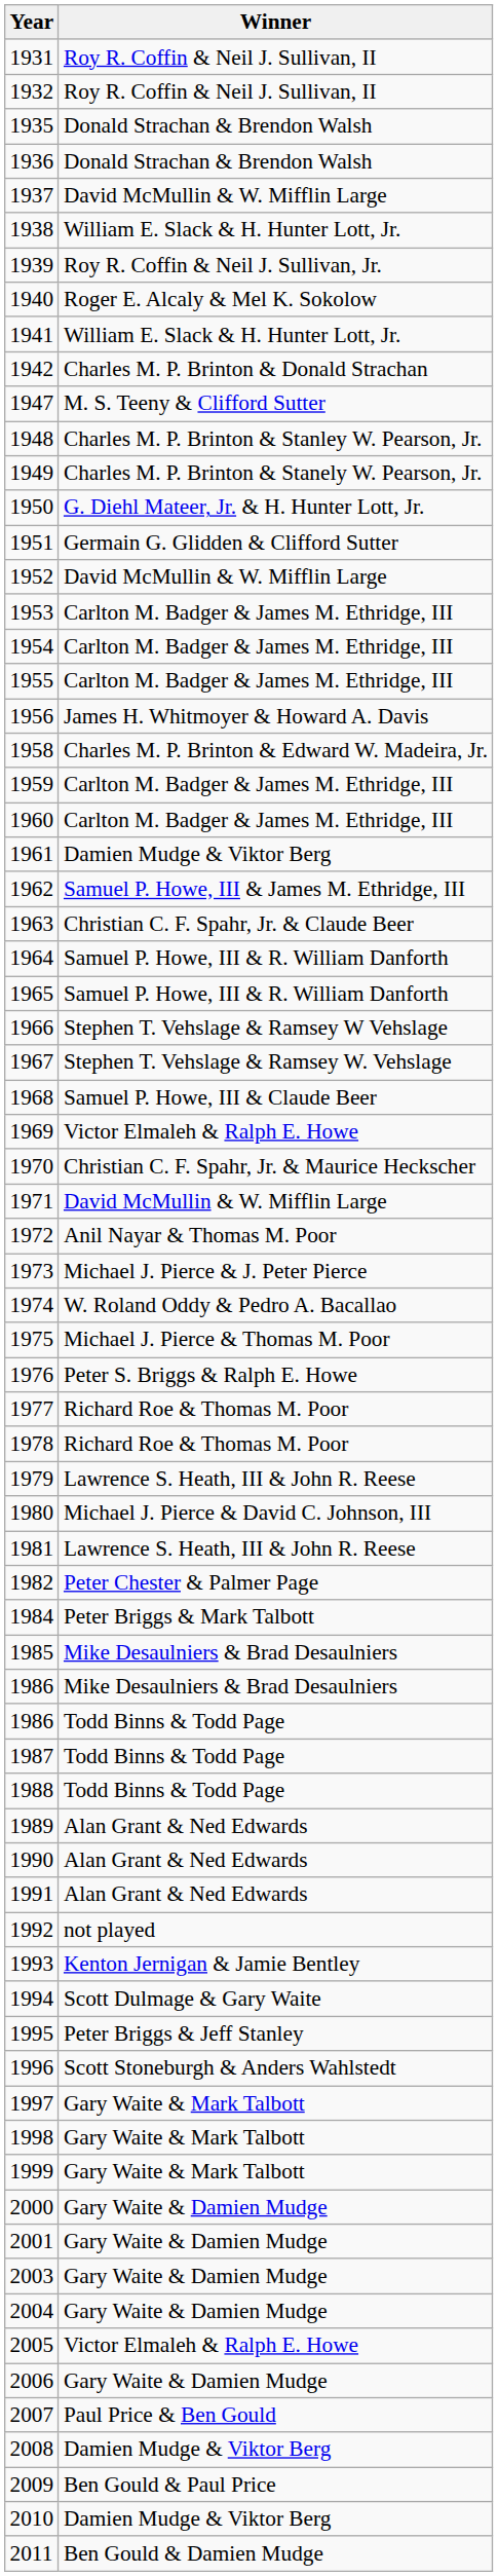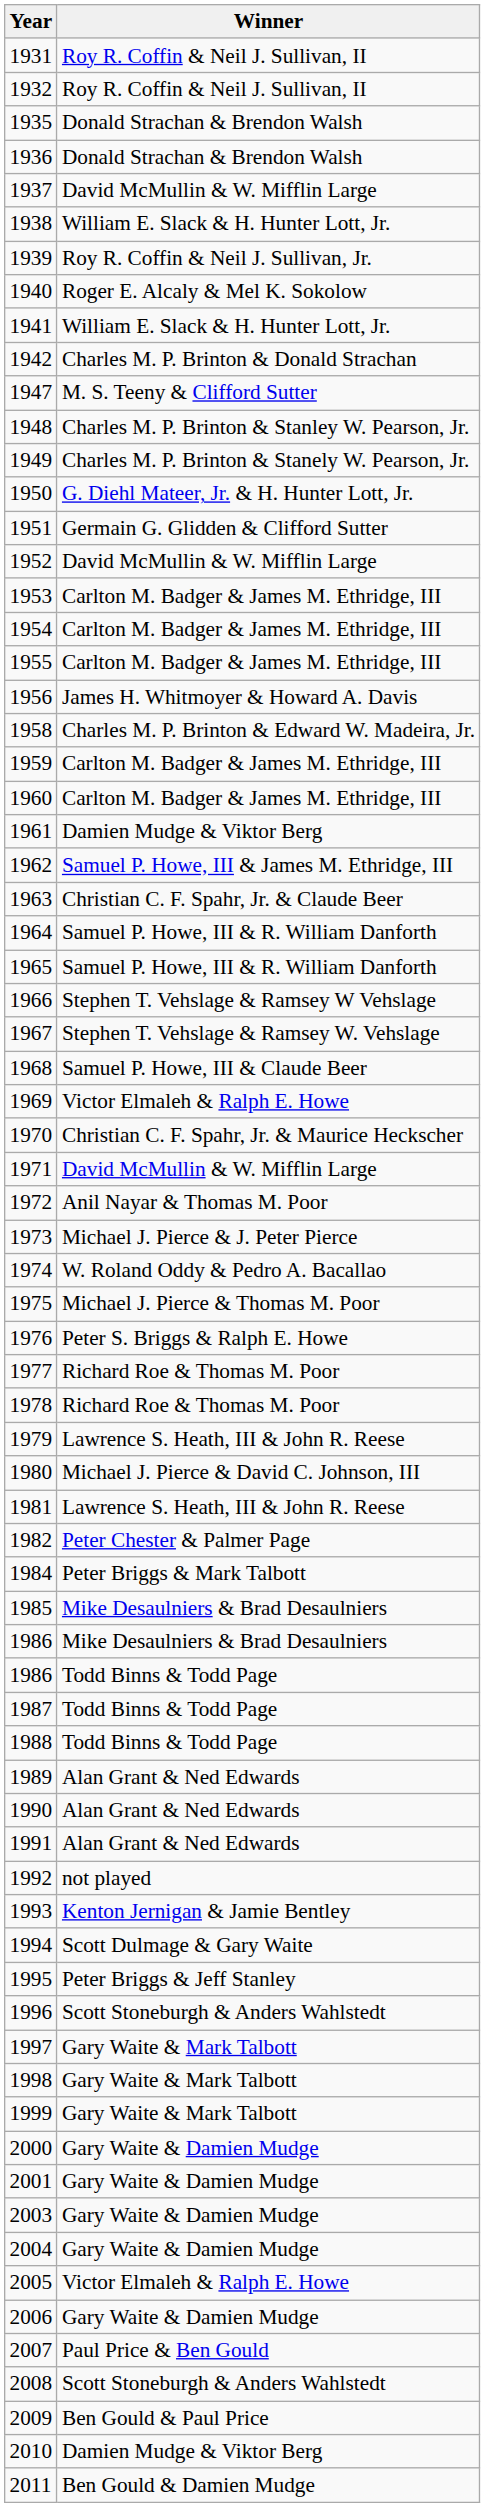 <table class="wikitable">
 <tr style="text-align:center; background:#f0f0f0;">
 <td><strong>Year</strong></td>
 <td><strong>Winner</strong></td>
 </tr>
 <tr>
 <td>1931</td>
 <td><a href='#'>Roy R. Coffin</a> & Neil J. Sullivan, II</td>
 </tr>
 <tr>
 <td>1932</td>
 <td>Roy R. Coffin & Neil J. Sullivan, II</td>
 </tr>
 <tr>
 <td>1935</td>
 <td>Donald Strachan & Brendon Walsh</td>
 </tr>
 <tr>
 <td>1936</td>
 <td>Donald Strachan & Brendon Walsh</td>
 </tr>
 <tr>
 <td>1937</td>
 <td>David McMullin & W. Mifflin Large</td>
 </tr>
 <tr>
 <td>1938</td>
 <td>William E. Slack & H. Hunter Lott, Jr.</td>
 </tr>
 <tr>
 <td>1939</td>
 <td>Roy R. Coffin & Neil J. Sullivan, Jr.</td>
 </tr>
 <tr>
 <td>1940</td>
 <td>Roger E. Alcaly & Mel K. Sokolow</td>
 </tr>
 <tr>
 <td>1941</td>
 <td>William E. Slack & H. Hunter Lott, Jr.</td>
 </tr>
 <tr>
 <td>1942</td>
 <td>Charles M. P. Brinton & Donald Strachan</td>
 </tr>
 <tr>
 <td>1947</td>
 <td>M. S. Teeny & <a href='#'>Clifford Sutter</a></td>
 </tr>
 <tr>
 <td>1948</td>
 <td>Charles M. P. Brinton & Stanley W. Pearson, Jr.</td>
 </tr>
 <tr>
 <td>1949</td>
 <td>Charles M. P. Brinton & Stanely W. Pearson, Jr.</td>
 </tr>
 <tr>
 <td>1950</td>
 <td><a href='#'>G. Diehl Mateer, Jr.</a> & H. Hunter Lott, Jr.</td>
 </tr>
 <tr>
 <td>1951</td>
 <td>Germain G. Glidden & Clifford Sutter</td>
 </tr>
 <tr>
 <td>1952</td>
 <td>David McMullin & W. Mifflin Large</td>
 </tr>
 <tr>
 <td>1953</td>
 <td>Carlton M. Badger & James M. Ethridge, III</td>
 </tr>
 <tr>
 <td>1954</td>
 <td>Carlton M. Badger & James M. Ethridge, III</td>
 </tr>
 <tr>
 <td>1955</td>
 <td>Carlton M. Badger & James M. Ethridge, III</td>
 </tr>
 <tr>
 <td>1956</td>
 <td>James H. Whitmoyer & Howard A. Davis</td>
 </tr>
 <tr>
 <td>1958</td>
 <td>Charles M. P. Brinton & Edward W. Madeira, Jr.</td>
 </tr>
 <tr>
 <td>1959</td>
 <td>Carlton M. Badger & James M. Ethridge, III</td>
 </tr>
 <tr>
 <td>1960</td>
 <td>Carlton M. Badger & James M. Ethridge, III</td>
 </tr>
 <tr>
 <td>1961</td>
 <td>Damien Mudge & Viktor Berg</td>
 </tr>
 <tr>
 <td>1962</td>
 <td><a href='#'>Samuel P. Howe, III</a> & James M. Ethridge, III</td>
 </tr>
 <tr>
 <td>1963</td>
 <td>Christian C. F. Spahr, Jr. & Claude Beer</td>
 </tr>
 <tr>
 <td>1964</td>
 <td>Samuel P. Howe, III & R. William Danforth</td>
 </tr>
 <tr>
 <td>1965</td>
 <td>Samuel P. Howe, III & R. William Danforth</td>
 </tr>
 <tr>
 <td>1966</td>
 <td>Stephen T. Vehslage & Ramsey W Vehslage</td>
 </tr>
 <tr>
 <td>1967</td>
 <td>Stephen T. Vehslage & Ramsey W. Vehslage</td>
 </tr>
 <tr>
 <td>1968</td>
 <td>Samuel P. Howe, III & Claude Beer</td>
 </tr>
 <tr>
 <td>1969</td>
 <td>Victor Elmaleh & <a href='#'>Ralph E. Howe</a></td>
 </tr>
 <tr>
 <td>1970</td>
 <td>Christian C. F. Spahr, Jr. & Maurice Heckscher</td>
 </tr>
 <tr>
 <td>1971</td>
 <td><a href='#'>David McMullin</a> & W. Mifflin Large</td>
 </tr>
 <tr>
 <td>1972</td>
 <td>Anil Nayar & Thomas M. Poor</td>
 </tr>
 <tr>
 <td>1973</td>
 <td>Michael J. Pierce & J. Peter Pierce</td>
 </tr>
 <tr>
 <td>1974</td>
 <td>W. Roland Oddy & Pedro A. Bacallao</td>
 </tr>
 <tr>
 <td>1975</td>
 <td>Michael J. Pierce & Thomas M. Poor</td>
 </tr>
 <tr>
 <td>1976</td>
 <td>Peter S. Briggs & Ralph E. Howe</td>
 </tr>
 <tr>
 <td>1977</td>
 <td>Richard Roe & Thomas M. Poor</td>
 </tr>
 <tr>
 <td>1978</td>
 <td>Richard Roe & Thomas M. Poor</td>
 </tr>
 <tr>
 <td>1979</td>
 <td>Lawrence S. Heath, III & John R. Reese</td>
 </tr>
 <tr>
 <td>1980</td>
 <td>Michael J. Pierce & David C. Johnson, III</td>
 </tr>
 <tr>
 <td>1981</td>
 <td>Lawrence S. Heath, III & John R. Reese</td>
 </tr>
 <tr>
 <td>1982</td>
 <td><a href='#'>Peter Chester</a> & Palmer Page</td>
 </tr>
 <tr>
 <td>1984</td>
 <td>Peter Briggs & Mark Talbott</td>
 </tr>
 <tr>
 <td>1985</td>
 <td><a href='#'>Mike Desaulniers</a> & Brad Desaulniers</td>
 </tr>
 <tr>
 <td>1986</td>
 <td>Mike Desaulniers & Brad Desaulniers</td>
 </tr>
 <tr>
 <td>1986</td>
 <td>Todd Binns & Todd Page</td>
 </tr>
 <tr>
 <td>1987</td>
 <td>Todd Binns & Todd Page</td>
 </tr>
 <tr>
 <td>1988</td>
 <td>Todd Binns & Todd Page</td>
 </tr>
 <tr>
 <td>1989</td>
 <td>Alan Grant & Ned Edwards</td>
 </tr>
 <tr>
 <td>1990</td>
 <td>Alan Grant & Ned Edwards</td>
 </tr>
 <tr>
 <td>1991</td>
 <td>Alan Grant & Ned Edwards</td>
 </tr>
 <tr>
 <td>1992</td>
 <td>not played</td>
 </tr>
 <tr>
 <td>1993</td>
 <td><a href='#'>Kenton Jernigan</a> & Jamie Bentley</td>
 </tr>
 <tr>
 <td>1994</td>
 <td>Scott Dulmage & Gary Waite</td>
 </tr>
 <tr>
 <td>1995</td>
 <td>Peter Briggs & Jeff Stanley</td>
 </tr>
 <tr>
 <td>1996</td>
 <td>Scott Stoneburgh & Anders Wahlstedt</td>
 </tr>
 <tr>
 <td>1997</td>
 <td>Gary Waite & <a href='#'>Mark Talbott</a></td>
 </tr>
 <tr>
 <td>1998</td>
 <td>Gary Waite & Mark Talbott</td>
 </tr>
 <tr>
 <td>1999</td>
 <td>Gary Waite & Mark Talbott</td>
 </tr>
 <tr>
 <td>2000</td>
 <td>Gary Waite & <a href='#'>Damien Mudge</a></td>
 </tr>
 <tr>
 <td>2001</td>
 <td>Gary Waite & Damien Mudge</td>
 </tr>
 <tr>
 <td>2003</td>
 <td>Gary Waite & Damien Mudge</td>
 </tr>
 <tr>
 <td>2004</td>
 <td>Gary Waite & Damien Mudge</td>
 </tr>
 <tr>
 <td>2005</td>
 <td>Victor Elmaleh & <a href='#'>Ralph E. Howe</a></td>
 </tr>
 <tr>
 <td>2006</td>
 <td>Gary Waite & Damien Mudge</td>
 </tr>
 <tr>
 <td>2007</td>
 <td>Paul Price & <a href='#'>Ben Gould</a></td>
 </tr>
 <tr>
 <td>2008</td>
-<td>Damien Mudge & <a href='#'>Viktor Berg</a></td>
+<td>Scott Stoneburgh & Anders Wahlstedt</td>
 </tr>
 <tr>
 <td>2009</td>
 <td>Ben Gould & Paul Price</td>
 </tr>
 <tr>
 <td>2010</td>
 <td>Damien Mudge & Viktor Berg</td>
 </tr>
 <tr>
 <td>2011</td>
 <td>Ben Gould & Damien Mudge</td>
 </tr>
 </table>
